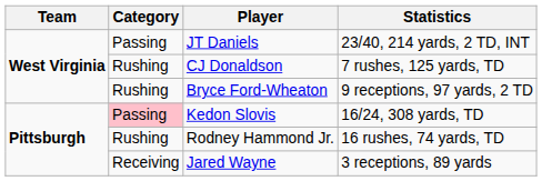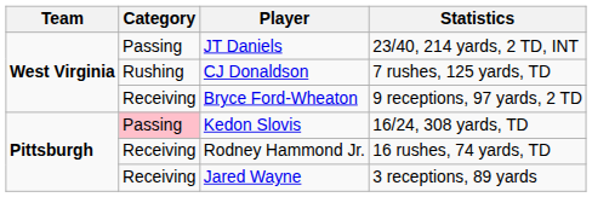 <table class="wikitable" style="float: right;">
 <tr>
 <th>Team</th>
 <th>Category</th>
 <th>Player</th>
 <th>Statistics</th>
 </tr>
 <tr>
 <td rowspan=3><strong>West Virginia</strong></td>
 <td>Passing</td>
 <td><a href='#'>JT Daniels</a></td>
 <td>23/40, 214 yards, 2 TD, INT</td>
 </tr>
 <tr>
 <td>Rushing</td>
 <td><a href='#'>CJ Donaldson</a></td>
 <td>7 rushes, 125 yards, TD</td>
 </tr>
 <tr>
-<td>Rushing</td>
+<td>Receiving</td>
 <td><a href='#'>Bryce Ford-Wheaton</a></td>
 <td>9 receptions, 97 yards, 2 TD</td>
 </tr>
 <tr>
 <td rowspan=3><strong>Pittsburgh</strong></td>
 <td style="background: pink;">Passing</td>
 <td><a href='#'>Kedon Slovis</a></td>
 <td>16/24, 308 yards, TD</td>
 </tr>
 <tr>
-<td>Rushing</td>
+<td>Receiving</td>
 <td>Rodney Hammond Jr.</td>
 <td>16 rushes, 74 yards, TD</td>
 </tr>
 <tr>
 <td>Receiving</td>
 <td><a href='#'>Jared Wayne</a></td>
 <td>3 receptions, 89 yards</td>
 </tr>
 </table>
